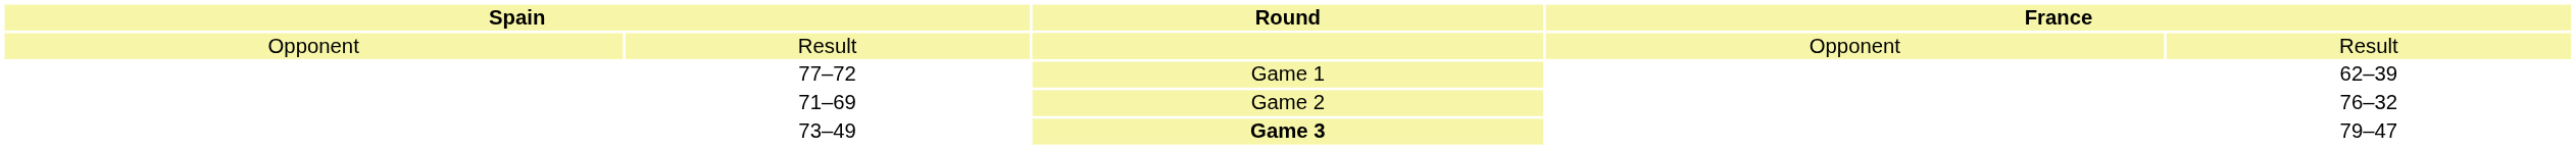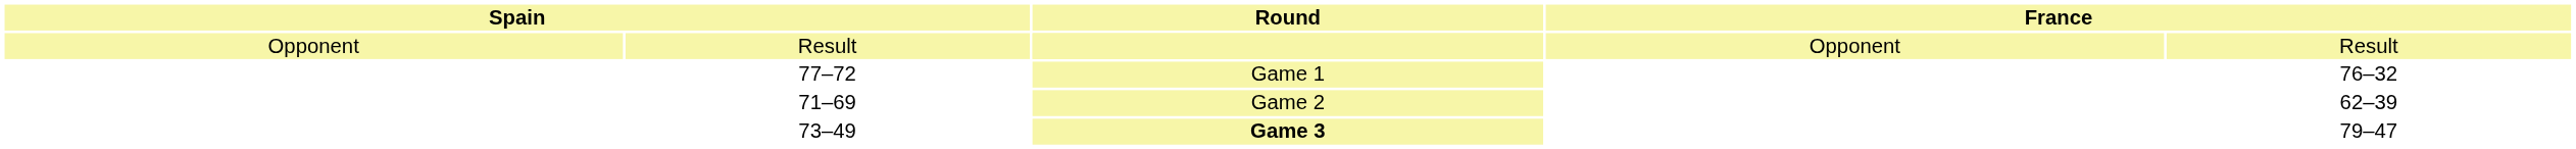 <table width="100%" style="text-align:center">
 <tr valign=top bgcolor=#F7F6A8>
 <th colspan=2>Spain</th>
 <th>Round</th>
 <th colspan=2>France</th>
 </tr>
 <tr valign=top bgcolor=#F7F6A8>
 <td>Opponent</td>
 <td>Result</td>
 <td bgcolor=#F7F6A8></td>
 <td>Opponent</td>
 <td>Result</td>
 </tr>
 <tr>
 <td align=left></td>
 <td>77–72</td>
 <td bgcolor=#F7F6A8>Game 1</td>
 <td align=left></td>
-<td>62–39</td>
+<td>76–32</td>
 </tr>
 <tr>
 <td align=left></td>
 <td>71–69</td>
 <td bgcolor=#F7F6A8>Game 2</td>
 <td align=left></td>
-<td>76–32</td>
+<td>62–39</td>
 </tr>
 <tr>
 <td align=left></td>
 <td>73–49</td>
 <td bgcolor=#F7F6A8><strong>Game 3</strong></td>
 <td align=left></td>
 <td>79–47</td>
 </tr>
 <tr>
 <td colspan="2" align=center><br>    </td>
 </tr>
 </table>
